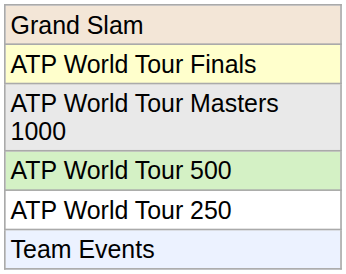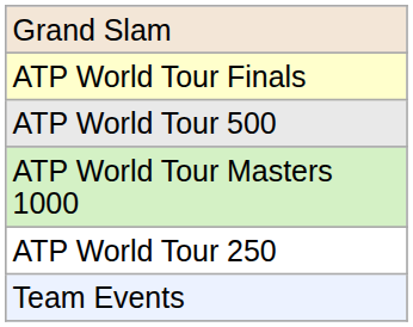 <table class="wikitable"  style="font-size:95%; width:13%;">
 <tr style="background:#f3e6d7;">
 <td>Grand Slam</td>
 </tr>
 <tr bgcolor="#ffffcc">
 <td>ATP World Tour Finals</td>
 </tr>
 <tr style="background:#e9e9e9;">
-<td>ATP World Tour Masters 1000</td>
+<td>ATP World Tour 500</td>
 </tr>
 <tr style="background:#d4f1c5;">
-<td>ATP World Tour 500</td>
+<td>ATP World Tour Masters 1000</td>
 </tr>
 <tr style="background:#ffffff;">
 <td>ATP World Tour 250</td>
 </tr>
 <tr style="background:#ecf2ff;">
 <td>Team Events</td>
 </tr>
 </table>
